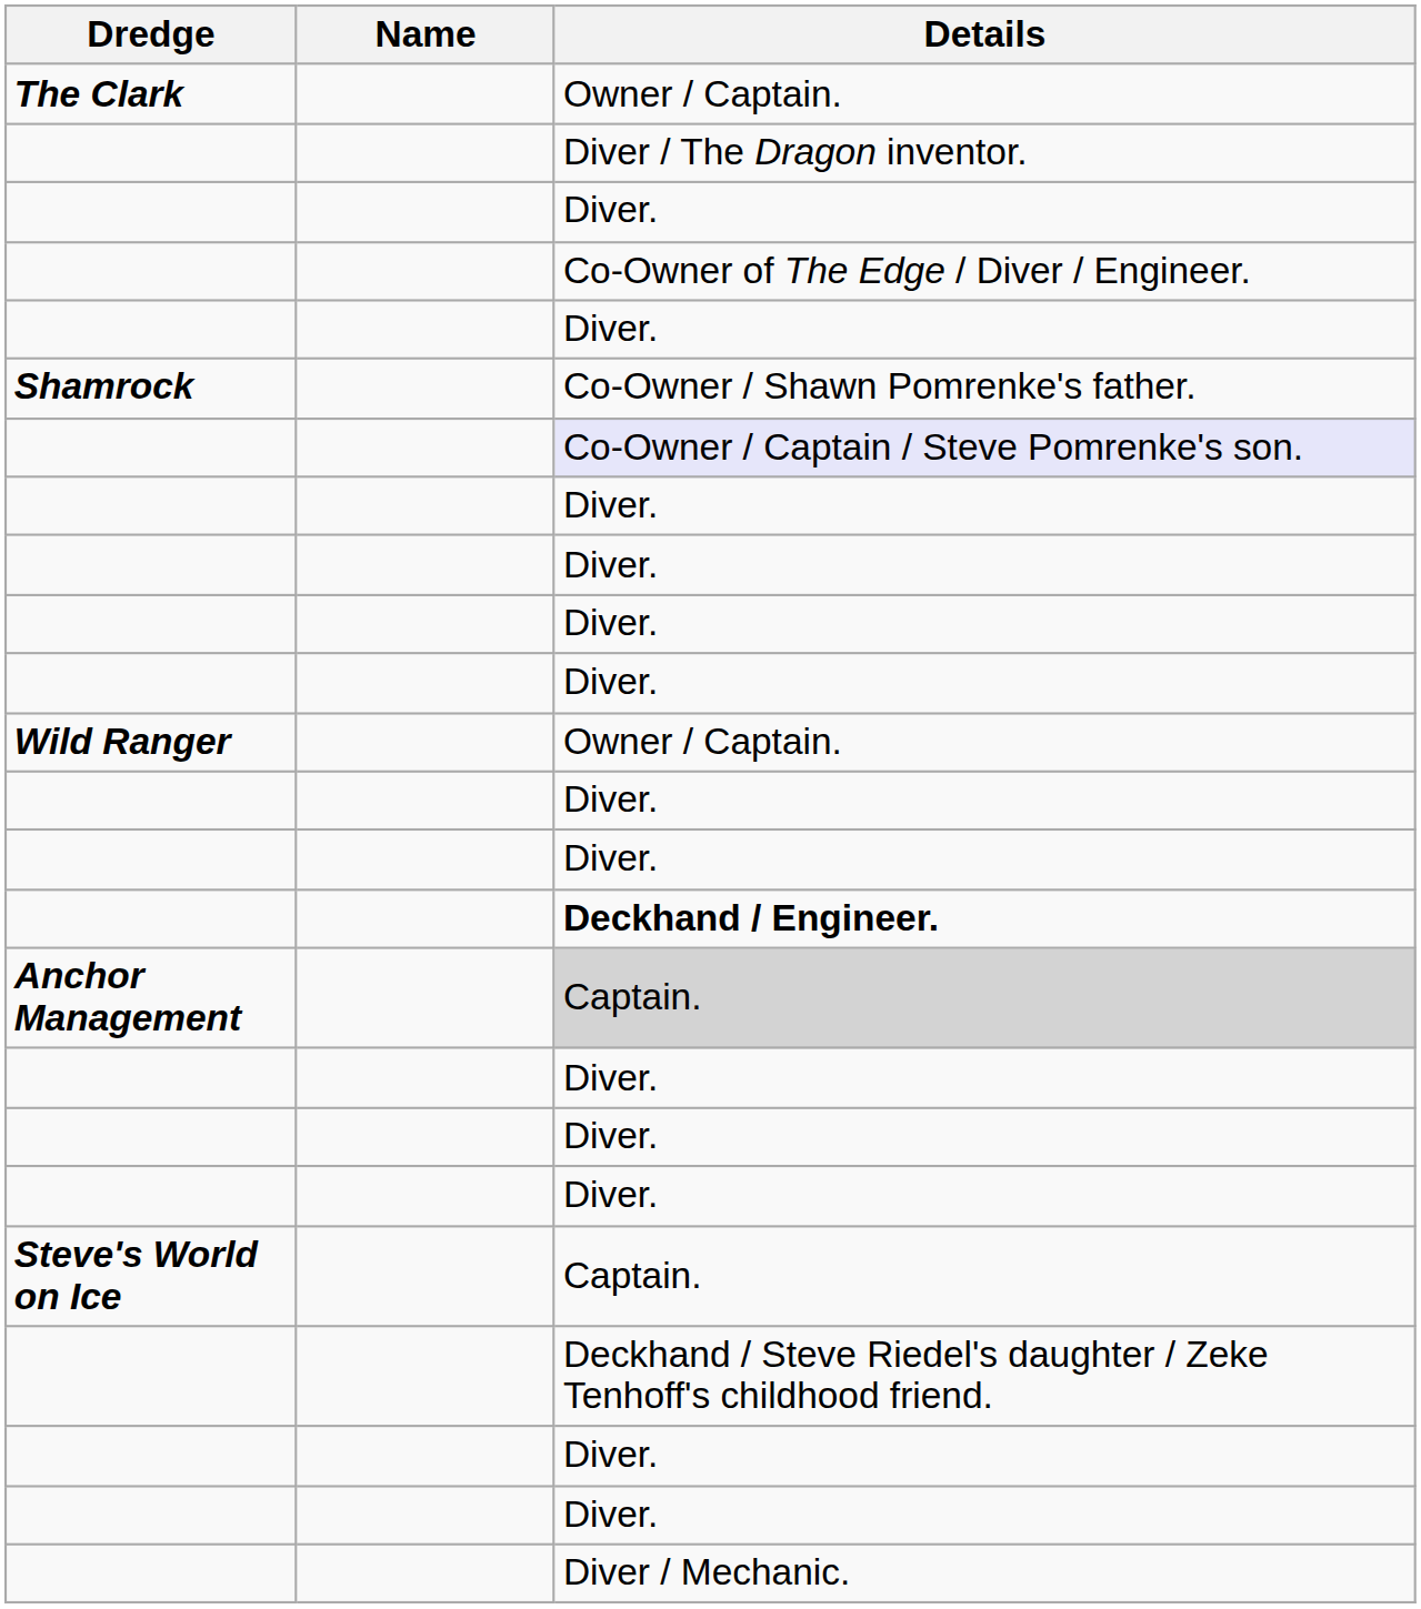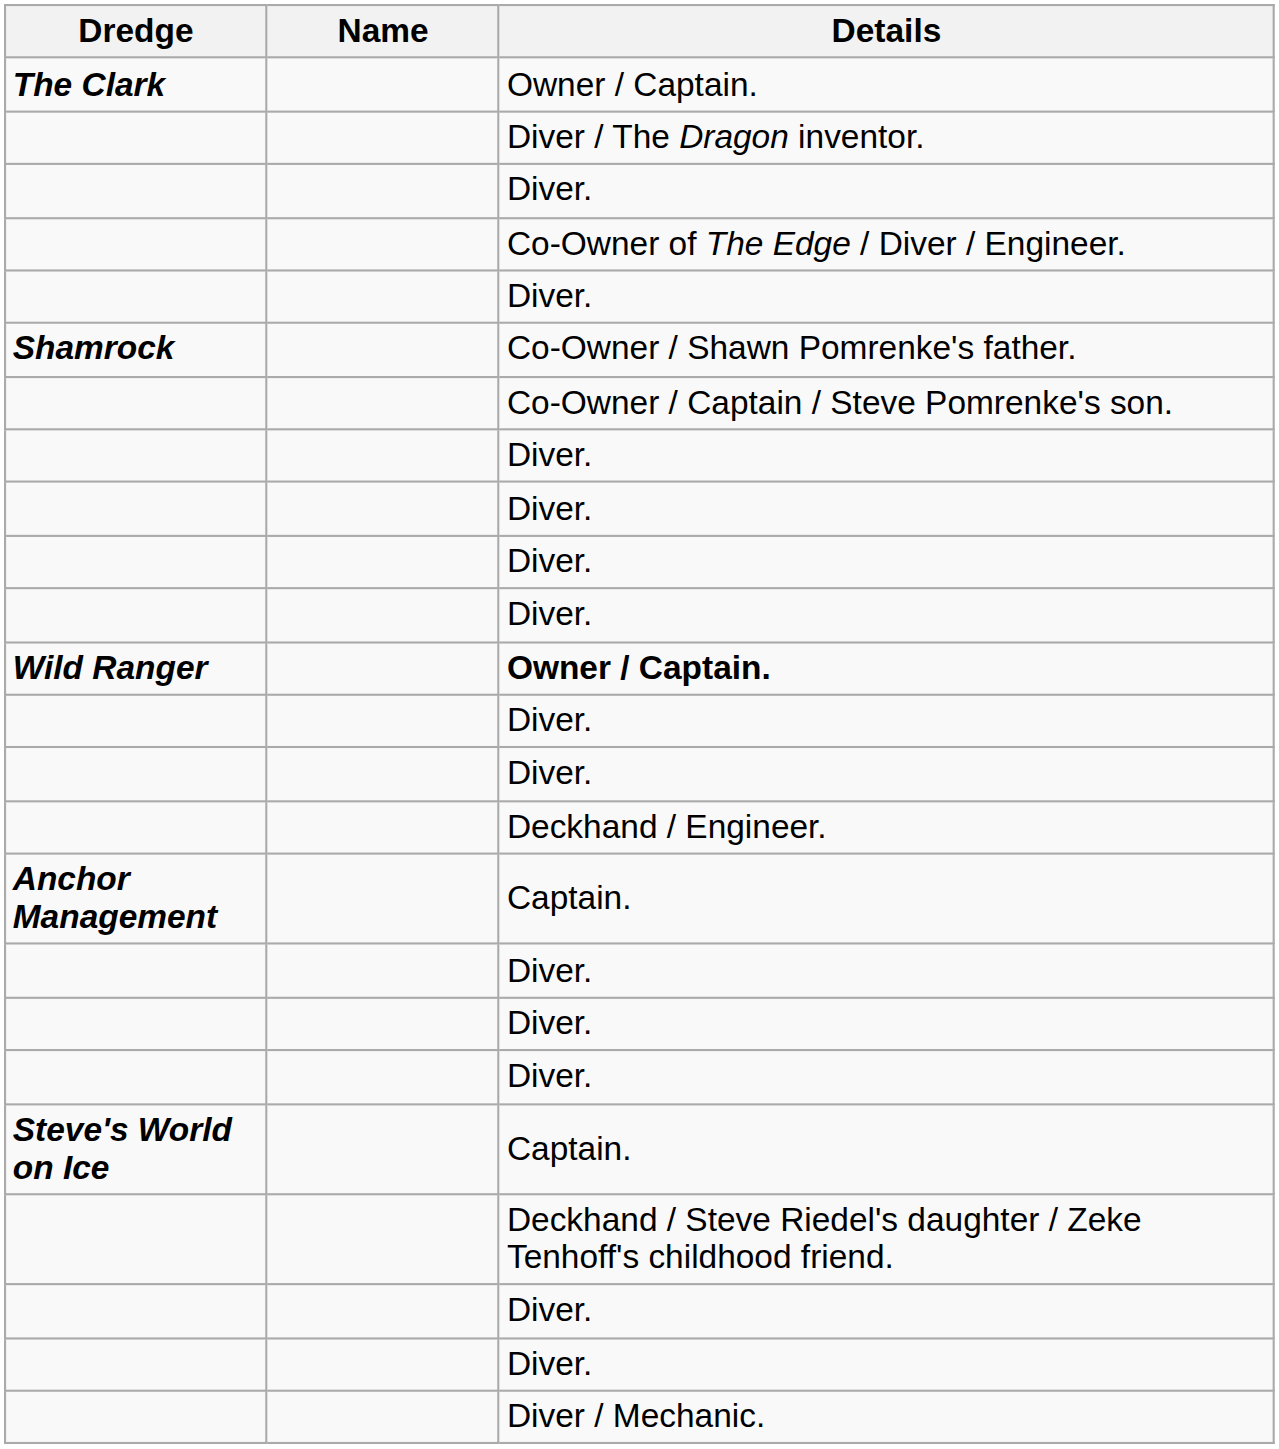 <table class=wikitable>
 <tr>
 <th style="width:15%;">Dredge</th>
 <th style="width:15%;">Name</th>
 <th colspan="12" style="width:50%;">Details</th>
 </tr>
 <tr>
 <td><strong><em>The Clark</em></strong></td>
 <td></td>
 <td>Owner / Captain.</td>
 </tr>
 <tr>
 <td></td>
 <td></td>
 <td>Diver / The <em>Dragon</em> inventor.</td>
 </tr>
 <tr>
 <td></td>
 <td></td>
 <td>Diver.</td>
 </tr>
 <tr>
 <td></td>
 <td></td>
 <td>Co-Owner of <em>The Edge</em> / Diver / Engineer.</td>
 </tr>
 <tr>
 <td></td>
 <td></td>
 <td>Diver.</td>
 </tr>
 <tr>
 <td><strong><em>Shamrock</em></strong></td>
 <td></td>
 <td>Co-Owner / Shawn Pomrenke's father.</td>
 </tr>
 <tr>
 <td></td>
 <td></td>
-<td style="background: lavender;">Co-Owner / Captain / Steve Pomrenke's son.</td>
+<td>Co-Owner / Captain / Steve Pomrenke's son.</td>
 </tr>
 <tr>
 <td></td>
 <td></td>
 <td>Diver.</td>
 </tr>
 <tr>
 <td></td>
 <td></td>
 <td>Diver.</td>
 </tr>
 <tr>
 <td></td>
 <td></td>
 <td>Diver.</td>
 </tr>
 <tr>
 <td></td>
 <td></td>
 <td>Diver.</td>
 </tr>
 <tr>
 <td><strong><em>Wild Ranger</em></strong></td>
 <td></td>
-<td>Owner / Captain.</td>
+<td><strong>Owner / Captain.</strong></td>
 </tr>
 <tr>
 <td></td>
 <td></td>
 <td>Diver.</td>
 </tr>
 <tr>
 <td></td>
 <td></td>
 <td>Diver.</td>
 </tr>
 <tr>
 <td></td>
 <td></td>
-<td><strong>Deckhand / Engineer.</strong></td>
+<td>Deckhand / Engineer.</td>
 </tr>
 <tr>
 <td><strong><em> Anchor Management</em></strong></td>
 <td></td>
-<td style="background: lightgrey;">Captain.</td>
+<td>Captain.</td>
 </tr>
 <tr>
 <td></td>
 <td></td>
 <td>Diver.</td>
 </tr>
 <tr>
 <td></td>
 <td></td>
 <td>Diver.</td>
 </tr>
 <tr>
 <td></td>
 <td></td>
 <td>Diver.</td>
 </tr>
 <tr>
 <td><strong><em>Steve's World on Ice</em></strong></td>
 <td></td>
 <td>Captain.</td>
 </tr>
 <tr>
 <td></td>
 <td></td>
 <td>Deckhand / Steve Riedel's daughter / Zeke Tenhoff's childhood friend.</td>
 </tr>
 <tr>
 <td></td>
 <td></td>
 <td>Diver.</td>
 </tr>
 <tr>
 <td></td>
 <td></td>
 <td>Diver.</td>
 </tr>
 <tr>
 <td></td>
 <td></td>
 <td>Diver / Mechanic.</td>
 </tr>
 </table>
